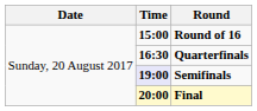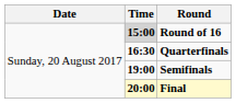 <table class="wikitable">
 <tr>
 <th>Date</th>
 <th>Time</th>
 <th>Round</th>
 </tr>
 <tr>
 <td rowspan="5">Sunday, 20 August 2017</td>
-<td><strong>15:00</strong></td>
+<td style="background: lightgrey;"><strong>15:00</strong></td>
 <td><strong>Round of 16</strong></td>
 </tr>
 <tr>
 <td><strong>16:30</strong></td>
 <td><strong>Quarterfinals</strong></td>
 </tr>
 <tr>
-<td style="background: lavender;"><strong>19:00</strong></td>
+<td><strong>19:00</strong></td>
 <td><strong>Semifinals</strong></td>
 </tr>
 <tr style="background:lemonchiffon;">
 <td><strong>20:00</strong></td>
 <td><strong>Final</strong></td>
 </tr>
 </table>
